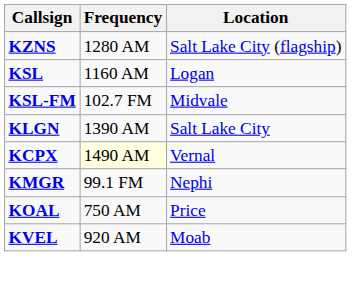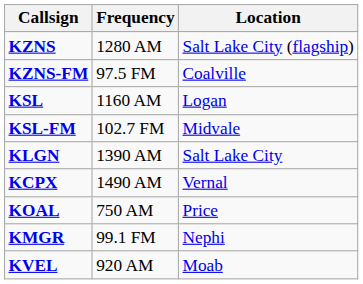 <table class="wikitable sortable">
 <tr>
 <th>Callsign</th>
 <th>Frequency</th>
 <th>Location</th>
 </tr>
 <tr>
 <td><strong><a href='#'>KZNS</a></strong></td>
 <td data-sort-value=001280>1280 AM</td>
 <td><a href='#'>Salt Lake City</a> (<a href='#'>flagship</a>)</td>
+</tr>
+<tr>
+<td><strong><a href='#'>KZNS-FM</a></strong></td>
+<td data-sort-value=097500>97.5 FM</td>
+<td><a href='#'>Coalville</a></td>
 </tr>
 <tr>
 <td><strong><a href='#'>KSL</a></strong></td>
 <td data-sort-value=001160>1160 AM</td>
 <td><a href='#'>Logan</a></td>
 </tr>
 <tr>
 <td><strong><a href='#'>KSL-FM</a></strong></td>
 <td data-sort-value=102700>102.7 FM</td>
 <td><a href='#'>Midvale</a></td>
 </tr>
 <tr>
 <td><strong><a href='#'>KLGN</a></strong></td>
 <td data-sort-value=001390>1390 AM</td>
 <td><a href='#'>Salt Lake City</a></td>
 </tr>
 <tr>
 <td><strong><a href='#'>KCPX</a></strong></td>
-<td data-sort-value=001490 style="background: lightyellow;">1490 AM</td>
+<td data-sort-value=001490>1490 AM</td>
 <td><a href='#'>Vernal</a></td>
+</tr>
+<tr>
+<td><strong><a href='#'>KOAL</a></strong></td>
+<td data-sort-value=000750>750 AM</td>
+<td><a href='#'>Price</a></td>
 </tr>
 <tr>
 <td><strong><a href='#'>KMGR</a></strong></td>
 <td data-sort-value=099100>99.1 FM</td>
 <td><a href='#'>Nephi</a></td>
 </tr>
 <tr>
-<td><strong><a href='#'>KOAL</a></strong></td>
-<td data-sort-value=000750>750 AM</td>
-<td><a href='#'>Price</a></td>
-</tr>
-<tr>
 <td><strong><a href='#'>KVEL</a></strong></td>
 <td data-sort-value=000920>920 AM</td>
 <td><a href='#'>Moab</a></td>
 </tr>
 </table>
